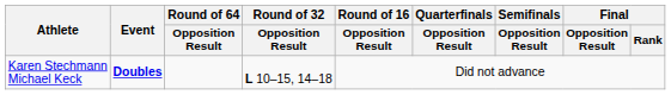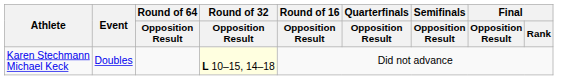 <table class="wikitable" style="font-size:90%">
 <tr>
 <th rowspan="2">Athlete</th>
 <th rowspan="2">Event</th>
 <th>Round of 64</th>
 <th>Round of 32</th>
 <th>Round of 16</th>
 <th>Quarterfinals</th>
 <th>Semifinals</th>
 <th colspan=2>Final</th>
 </tr>
 <tr style="font-size:95%">
 <th>Opposition<br>Result</th>
 <th>Opposition<br>Result</th>
 <th>Opposition<br>Result</th>
 <th>Opposition<br>Result</th>
 <th>Opposition<br>Result</th>
 <th>Opposition<br>Result</th>
 <th>Rank</th>
 </tr>
 <tr align=center>
 <td align=left><a href='#'>Karen Stechmann</a><br><a href='#'>Michael Keck</a></td>
-<td align=left><strong><a href='#'>Doubles</a></strong></td>
+<td align=left><a href='#'>Doubles</a></td>
 <td></td>
-<td><br><strong>L</strong> 10–15, 14–18</td>
+<td style="background: lightyellow;"><br><strong>L</strong> 10–15, 14–18</td>
 <td colspan=5>Did not advance</td>
 </tr>
 </table>
